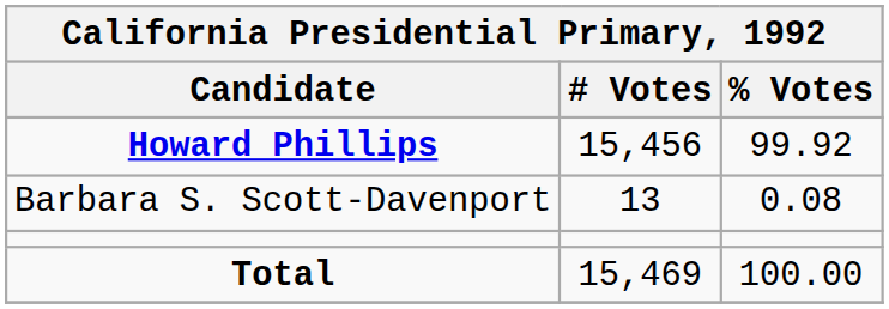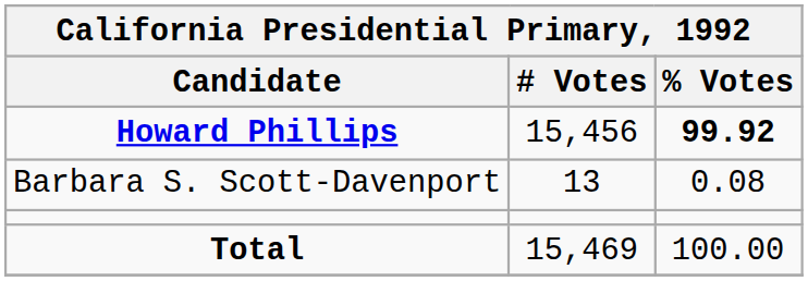 <table class=wikitable style="text-align:center;">
 <tr bgcolor=lightgrey>
 <th colspan="4">California Presidential Primary, 1992 </th>
 </tr>
 <tr bgcolor=lightgrey>
 <th>Candidate</th>
 <th># Votes</th>
 <th>% Votes</th>
 </tr>
 <tr>
 <td><strong><a href='#'>Howard Phillips</a></strong></td>
 <td>15,456</td>
-<td>99.92</td>
+<td><strong>99.92</strong></td>
 </tr>
 <tr>
 <td>Barbara S. Scott-Davenport</td>
 <td>13</td>
 <td>0.08</td>
 </tr>
 <tr>
 <td></td>
 <td></td>
 <td></td>
 </tr>
 <tr>
 <td><strong>Total</strong></td>
 <td>15,469</td>
 <td>100.00</td>
 </tr>
 <tr>
 </tr>
 </table>
